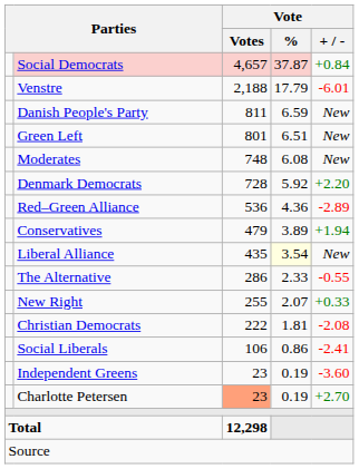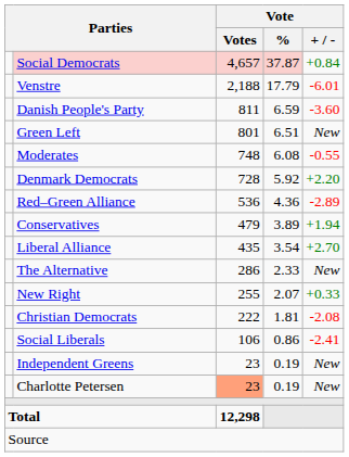 <table class="wikitable" style="text-align:right;">
 <tr>
 <th style="text-align:centre;" rowspan="2" colspan="2" width="225">Parties</th>
 <th colspan="3">Vote</th>
 </tr>
 <tr>
 <th width="15">Votes</th>
 <th width="15">%</th>
 <th width="15">+ / -</th>
 </tr>
 <tr>
 <td width="2" style="color:inherit;background:"></td>
 <td bgcolor=#fbd0ce  align="left"><a href='#'>Social Democrats</a></td>
 <td bgcolor=#fbd0ce>4,657</td>
 <td bgcolor=#fbd0ce>37.87</td>
 <td style=color:green;>+0.84</td>
 </tr>
 <tr>
 <td width="2" style="color:inherit;background:"></td>
 <td align="left"><a href='#'>Venstre</a></td>
 <td>2,188</td>
 <td>17.79</td>
 <td style=color:red;>-6.01</td>
 </tr>
 <tr>
 <td width="2" style="color:inherit;background:"></td>
 <td align="left"><a href='#'>Danish People's Party</a></td>
 <td>811</td>
 <td>6.59</td>
-<td><em>New</em></td>
+<td style=color:red;>-3.60</td>
 </tr>
 <tr>
 <td width="2" style="color:inherit;background:"></td>
 <td align="left"><a href='#'>Green Left</a></td>
 <td>801</td>
 <td>6.51</td>
 <td><em>New</em></td>
 </tr>
 <tr>
 <td width="2" style="color:inherit;background:"></td>
 <td align="left"><a href='#'>Moderates</a></td>
 <td>748</td>
 <td>6.08</td>
-<td><em>New</em></td>
+<td style=color:red;>-0.55</td>
 </tr>
 <tr>
 <td width="2" style="color:inherit;background:"></td>
 <td align="left"><a href='#'>Denmark Democrats</a></td>
 <td>728</td>
 <td>5.92</td>
 <td style=color:green;>+2.20</td>
 </tr>
 <tr>
 <td width="2" style="color:inherit;background:"></td>
 <td align="left"><a href='#'>Red–Green Alliance</a></td>
 <td>536</td>
 <td>4.36</td>
 <td style=color:red;>-2.89</td>
 </tr>
 <tr>
 <td width="2" style="color:inherit;background:"></td>
 <td align="left"><a href='#'>Conservatives</a></td>
 <td>479</td>
 <td>3.89</td>
 <td style=color:green;>+1.94</td>
 </tr>
 <tr>
 <td width="2" style="color:inherit;background:"></td>
 <td align="left"><a href='#'>Liberal Alliance</a></td>
 <td>435</td>
-<td style="background: lightyellow;">3.54</td>
-<td><em>New</em></td>
+<td>3.54</td>
+<td style=color:green;>+2.70</td>
 </tr>
 <tr>
 <td width="2" style="color:inherit;background:"></td>
 <td align="left"><a href='#'>The Alternative</a></td>
 <td>286</td>
 <td>2.33</td>
-<td style=color:red;>-0.55</td>
+<td><em>New</em></td>
 </tr>
 <tr>
 <td width="2" style="color:inherit;background:"></td>
 <td align="left"><a href='#'>New Right</a></td>
 <td>255</td>
 <td>2.07</td>
 <td style=color:green;>+0.33</td>
 </tr>
 <tr>
 <td width="2" style="color:inherit;background:"></td>
 <td align="left"><a href='#'>Christian Democrats</a></td>
 <td>222</td>
 <td>1.81</td>
 <td style=color:red;>-2.08</td>
 </tr>
 <tr>
 <td width="2" style="color:inherit;background:"></td>
 <td align="left"><a href='#'>Social Liberals</a></td>
 <td>106</td>
 <td>0.86</td>
 <td style=color:red;>-2.41</td>
 </tr>
 <tr>
 <td width="2" style="color:inherit;background:"></td>
 <td align="left"><a href='#'>Independent Greens</a></td>
 <td>23</td>
 <td>0.19</td>
-<td style=color:red;>-3.60</td>
+<td><em>New</em></td>
 </tr>
 <tr>
 <td width="2" style="color:inherit;background:"></td>
 <td align="left">Charlotte Petersen</td>
 <td style="background: lightsalmon;">23</td>
 <td>0.19</td>
-<td style=color:green;>+2.70</td>
+<td><em>New</em></td>
 </tr>
 <tr>
 <td colspan="7" bgcolor="#E9E9E9"></td>
 </tr>
 <tr>
 <td align="left" colspan="2"><strong>Total</strong></td>
 <td><strong>12,298</strong></td>
 <td bgcolor="#E9E9E9" colspan="2"></td>
 </tr>
 <tr>
 <td align="left" colspan="6">Source</td>
 </tr>
 </table>
